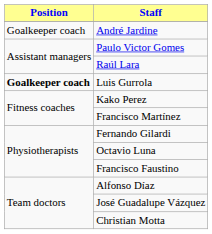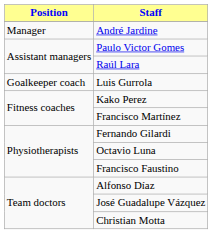 <table class="wikitable">
 <tr>
 <th style=background-color:#FFFF91;color:Blue>Position</th>
 <th style=background-color:#FFFF91;color:Blue>Staff</th>
 </tr>
 <tr>
 </tr>
 <tr>
-<td>Goalkeeper coach</td>
+<td>Manager</td>
 <td> <a href='#'>André Jardine</a></td>
 </tr>
 <tr>
 <td rowspan="2">Assistant managers</td>
 <td> <a href='#'>Paulo Victor Gomes</a></td>
 </tr>
 <tr>
 <td> <a href='#'>Raúl Lara</a></td>
 </tr>
 <tr>
-<td><strong>Goalkeeper coach</strong></td>
+<td>Goalkeeper coach</td>
 <td> Luis Gurrola</td>
 </tr>
 <tr>
 <td rowspan="2">Fitness coaches</td>
 <td> Kako Perez</td>
 </tr>
 <tr>
 <td> Francisco Martínez</td>
 </tr>
 <tr>
 <td rowspan="3">Physiotherapists</td>
 <td> Fernando Gilardi</td>
 </tr>
 <tr>
 <td> Octavio Luna</td>
 </tr>
 <tr>
 <td> Francisco Faustino</td>
 </tr>
 <tr>
 <td rowspan="3 ">Team doctors</td>
 <td> Alfonso Díaz</td>
 </tr>
 <tr>
 <td> José Guadalupe Vázquez</td>
 </tr>
 <tr>
 <td> Christian Motta</td>
 </tr>
 </table>
